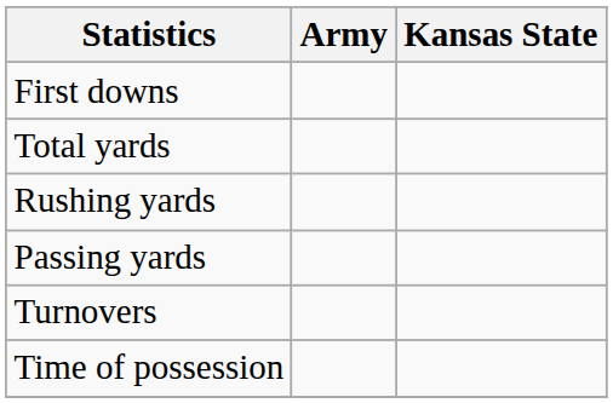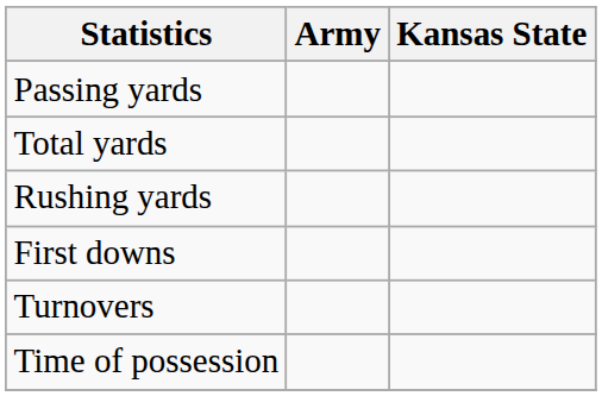 <table class="wikitable" style="float: left;">
 <tr>
 <th>Statistics</th>
 <th>Army</th>
 <th>Kansas State</th>
 </tr>
 <tr>
-<td>First downs</td>
+<td>Passing yards</td>
 <td></td>
 <td></td>
 </tr>
 <tr>
 <td>Total yards</td>
 <td></td>
 <td></td>
 </tr>
 <tr>
 <td>Rushing yards</td>
 <td></td>
 <td></td>
 </tr>
 <tr>
-<td>Passing yards</td>
+<td>First downs</td>
 <td></td>
 <td></td>
 </tr>
 <tr>
 <td>Turnovers</td>
 <td></td>
 <td></td>
 </tr>
 <tr>
 <td>Time of possession</td>
 <td></td>
 <td></td>
 </tr>
 <tr>
 </tr>
 </table>
